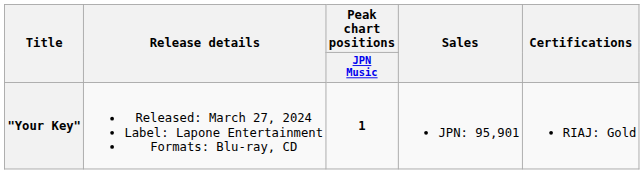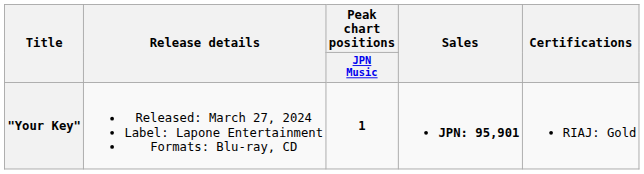 <table class="wikitable plainrowheaders" style="text-align:center;">
 <tr>
 <th scope="col" rowspan="2">Title</th>
 <th scope="col" rowspan="2">Release details</th>
 <th scope="col">Peak chart positions</th>
 <th scope="col" rowspan="2">Sales</th>
 <th scope="col" rowspan=2>Certifications</th>
 </tr>
 <tr>
 <th scope="col" style="width:2.75em;font-size:85%;"><a href='#'>JPN<br>Music</a><br></th>
 </tr>
 <tr>
 <th scope="row">"Your Key"</th>
 <td><br><ul><li>Released: March 27, 2024 </li><li>Label: Lapone Entertainment</li><li>Formats: Blu-ray, CD</li></ul></td>
 <td><strong>1</strong></td>
-<td><br><ul><li>JPN: 95,901</li></ul></td>
+<td><strong><br><ul><li>JPN: 95,901</li></ul></strong></td>
 <td><br><ul><li>RIAJ: Gold</li></ul></td>
 </tr>
 </table>
